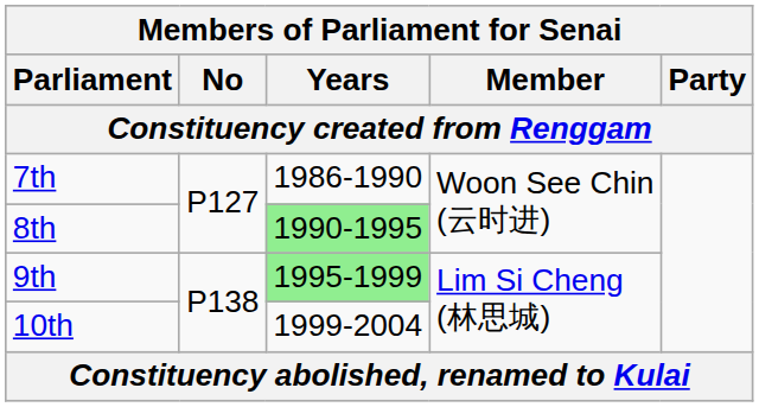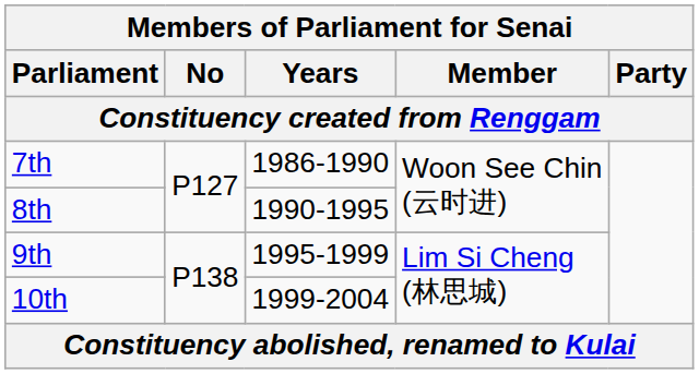 <table class=wikitable>
 <tr>
 <th colspan="5">Members of Parliament for Senai</th>
 </tr>
 <tr>
 <th>Parliament</th>
 <th>No</th>
 <th>Years</th>
 <th>Member</th>
 <th>Party</th>
 </tr>
 <tr>
 <th colspan="5" align="center"><em>Constituency created from <a href='#'>Renggam</a></em></th>
 </tr>
 <tr>
 <td><a href='#'>7th</a></td>
 <td rowspan="2">P127</td>
 <td>1986-1990</td>
 <td rowspan=2>Woon See Chin  <br>(云时进)</td>
 <td rowspan="4"></td>
 </tr>
 <tr>
 <td><a href='#'>8th</a></td>
-<td style="background: lightgreen;">1990-1995</td>
+<td>1990-1995</td>
 </tr>
 <tr>
 <td><a href='#'>9th</a></td>
 <td rowspan="2">P138</td>
-<td style="background: lightgreen;">1995-1999</td>
+<td>1995-1999</td>
 <td rowspan=2><a href='#'>Lim Si Cheng</a> <br> (林思城)</td>
 </tr>
 <tr>
 <td><a href='#'>10th</a></td>
 <td>1999-2004</td>
 </tr>
 <tr>
 <th colspan="5" align="center"><em>Constituency abolished, renamed to <a href='#'>Kulai</a></em></th>
 </tr>
 </table>
